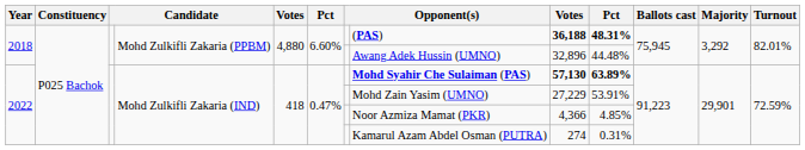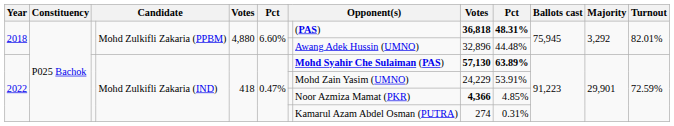 <table class="wikitable" style="margin:0.5em ; font-size:95%">
 <tr>
 <th>Year</th>
 <th>Constituency</th>
 <th colspan=2>Candidate</th>
 <th>Votes</th>
 <th>Pct</th>
 <th colspan=2>Opponent(s)</th>
 <th>Votes</th>
 <th>Pct</th>
 <th>Ballots cast</th>
 <th>Majority</th>
 <th>Turnout</th>
 </tr>
 <tr>
 <td rowspan=2><a href='#'>2018</a></td>
 <td rowspan=6>P025 <a href='#'>Bachok</a></td>
 <td rowspan=2 ></td>
 <td rowspan=2>Mohd Zulkifli Zakaria (<a href='#'>PPBM</a>)</td>
 <td rowspan=2 align=right>4,880</td>
 <td rowspan=2>6.60%</td>
 <td></td>
 <td> (<a href='#'><strong>PAS</strong></a>)</td>
-<td align=right><strong>36,188</strong></td>
+<td align=right><strong>36,818</strong></td>
 <td><strong>48.31%</strong></td>
 <td rowspan=2>75,945</td>
 <td rowspan=2>3,292</td>
 <td rowspan=2>82.01%</td>
 </tr>
 <tr>
 <td></td>
 <td><a href='#'>Awang Adek Hussin</a> (<a href='#'>UMNO</a>)</td>
 <td align=right>32,896</td>
 <td>44.48%</td>
 </tr>
 <tr>
 <td rowspan=4><a href='#'>2022</a></td>
 <td rowspan=4 ></td>
 <td rowspan=4>Mohd Zulkifli Zakaria (<a href='#'>IND</a>)</td>
 <td rowspan=4 align=right>418</td>
 <td rowspan=4 align=right>0.47%</td>
 <td></td>
 <td><strong><a href='#'>Mohd Syahir Che Sulaiman</a></strong> (<a href='#'><strong>PAS</strong></a>)</td>
 <td align=right><strong>57,130</strong></td>
 <td><strong>63.89%</strong></td>
 <td rowspan=4>91,223</td>
 <td rowspan=4>29,901</td>
 <td rowspan=4>72.59%</td>
 </tr>
 <tr>
 <td></td>
 <td>Mohd Zain Yasim (<a href='#'>UMNO</a>)</td>
-<td align=right>27,229</td>
+<td align=right>24,229</td>
 <td>53.91%</td>
 </tr>
 <tr>
 <td></td>
 <td>Noor Azmiza Mamat (<a href='#'>PKR</a>)</td>
-<td align=right>4,366</td>
+<td align=right><strong>4,366</strong></td>
 <td align=right>4.85%</td>
 </tr>
 <tr>
 <td></td>
 <td>Kamarul Azam Abdel Osman (<a href='#'>PUTRA</a>)</td>
 <td align=right>274</td>
 <td align=right>0.31%</td>
 </tr>
 </table>
